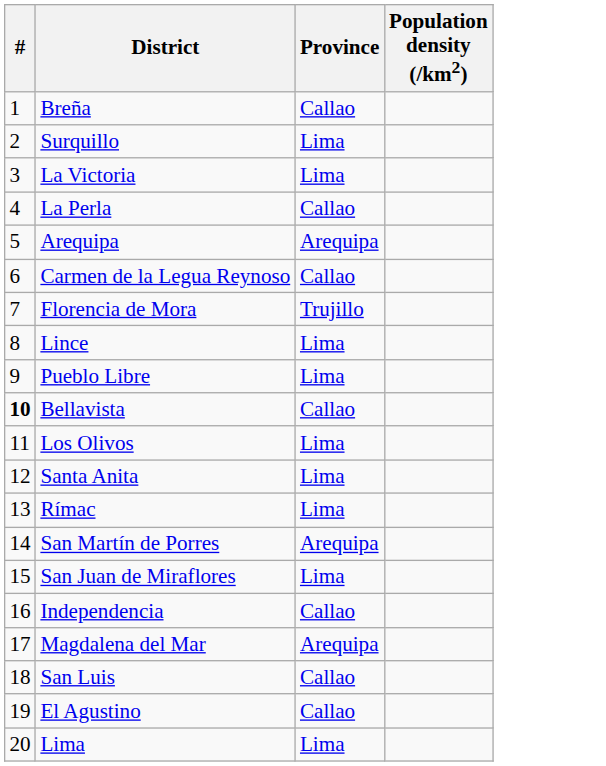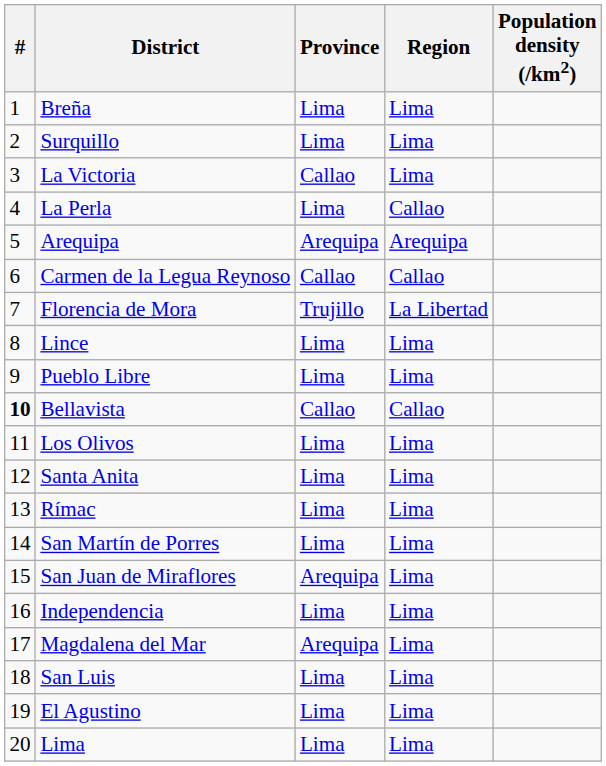 <table align=center class="wikitable" Style="align:center;">
 <tr>
 <th>#</th>
 <th>District</th>
 <th>Province</th>
+<th>Region</th>
 <th>Population<br>density<br>(/km<sup>2</sup>)</th>
 </tr>
 <tr>
 <td>1</td>
 <td><a href='#'>Breña</a></td>
-<td><a href='#'>Callao</a></td>
+<td><a href='#'>Lima</a></td>
+<td><a href='#'>Lima</a></td>
 <td align=right></td>
 </tr>
 <tr>
 <td>2</td>
 <td><a href='#'>Surquillo</a></td>
 <td><a href='#'>Lima</a></td>
+<td><a href='#'>Lima</a></td>
 <td align=right></td>
 </tr>
 <tr>
 <td>3</td>
 <td><a href='#'>La Victoria</a></td>
+<td><a href='#'>Callao</a></td>
 <td><a href='#'>Lima</a></td>
 <td align=right></td>
 </tr>
 <tr>
 <td>4</td>
 <td><a href='#'>La Perla</a></td>
+<td><a href='#'>Lima</a></td>
 <td><a href='#'>Callao</a></td>
 <td align=right></td>
 </tr>
 <tr>
 <td>5</td>
+<td><a href='#'>Arequipa</a></td>
 <td><a href='#'>Arequipa</a></td>
 <td><a href='#'>Arequipa</a></td>
 <td align=right></td>
 </tr>
 <tr>
 <td>6</td>
 <td><a href='#'>Carmen de la Legua Reynoso</a></td>
 <td><a href='#'>Callao</a></td>
+<td><a href='#'>Callao</a></td>
 <td align=right></td>
 </tr>
 <tr>
 <td>7</td>
 <td><a href='#'>Florencia de Mora</a></td>
 <td><a href='#'>Trujillo</a></td>
+<td><a href='#'>La Libertad</a></td>
 <td align=right></td>
 </tr>
 <tr>
 <td>8</td>
 <td><a href='#'>Lince</a></td>
+<td><a href='#'>Lima</a></td>
 <td><a href='#'>Lima</a></td>
 <td align=right></td>
 </tr>
 <tr>
 <td>9</td>
 <td><a href='#'>Pueblo Libre</a></td>
 <td><a href='#'>Lima</a></td>
+<td><a href='#'>Lima</a></td>
 <td align=right></td>
 </tr>
 <tr>
 <td><strong>10</strong></td>
 <td><a href='#'>Bellavista</a></td>
+<td><a href='#'>Callao</a></td>
 <td><a href='#'>Callao</a></td>
 <td align=right></td>
 </tr>
 <tr>
 <td>11</td>
 <td><a href='#'>Los Olivos</a></td>
 <td><a href='#'>Lima</a></td>
+<td><a href='#'>Lima</a></td>
 <td align=right></td>
 </tr>
 <tr>
 <td>12</td>
 <td><a href='#'>Santa Anita</a></td>
+<td><a href='#'>Lima</a></td>
 <td><a href='#'>Lima</a></td>
 <td align=right></td>
 </tr>
 <tr>
 <td>13</td>
 <td><a href='#'>Rímac</a></td>
 <td><a href='#'>Lima</a></td>
+<td><a href='#'>Lima</a></td>
 <td align=right></td>
 </tr>
 <tr>
 <td>14</td>
 <td><a href='#'>San Martín de Porres</a></td>
-<td><a href='#'>Arequipa</a></td>
+<td><a href='#'>Lima</a></td>
+<td><a href='#'>Lima</a></td>
 <td align=right></td>
 </tr>
 <tr>
 <td>15</td>
 <td><a href='#'>San Juan de Miraflores</a></td>
+<td><a href='#'>Arequipa</a></td>
 <td><a href='#'>Lima</a></td>
 <td align=right></td>
 </tr>
 <tr>
 <td>16</td>
 <td><a href='#'>Independencia</a></td>
-<td><a href='#'>Callao</a></td>
+<td><a href='#'>Lima</a></td>
+<td><a href='#'>Lima</a></td>
 <td align=right></td>
 </tr>
 <tr>
 <td>17</td>
 <td><a href='#'>Magdalena del Mar</a></td>
 <td><a href='#'>Arequipa</a></td>
+<td><a href='#'>Lima</a></td>
 <td align=right></td>
 </tr>
 <tr>
 <td>18</td>
 <td><a href='#'>San Luis</a></td>
-<td><a href='#'>Callao</a></td>
+<td><a href='#'>Lima</a></td>
+<td><a href='#'>Lima</a></td>
 <td align=right></td>
 </tr>
 <tr>
 <td>19</td>
 <td><a href='#'>El Agustino</a></td>
-<td><a href='#'>Callao</a></td>
+<td><a href='#'>Lima</a></td>
+<td><a href='#'>Lima</a></td>
 <td align=right></td>
 </tr>
 <tr>
 <td>20</td>
 <td><a href='#'>Lima</a></td>
 <td><a href='#'>Lima</a></td>
+<td><a href='#'>Lima</a></td>
 <td align=right></td>
 </tr>
 </table>
